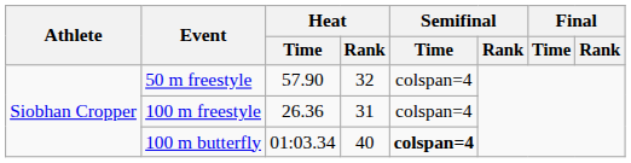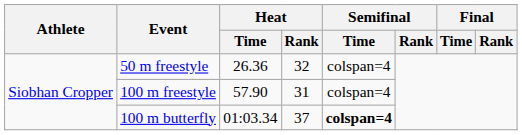 <table class=wikitable style=font-size:90%;text-align:center>
 <tr>
 <th rowspan=2>Athlete</th>
 <th rowspan=2>Event</th>
 <th colspan=2>Heat</th>
 <th colspan=2>Semifinal</th>
 <th colspan=2>Final</th>
 </tr>
 <tr style=font-size:95%>
 <th>Time</th>
 <th>Rank</th>
 <th>Time</th>
 <th>Rank</th>
 <th>Time</th>
 <th>Rank</th>
 </tr>
 <tr>
 <td align=left rowspan=3><a href='#'>Siobhan Cropper</a></td>
 <td align=left><a href='#'>50 m freestyle</a></td>
-<td>57.90</td>
+<td>26.36</td>
 <td>32</td>
 <td>colspan=4 </td>
 </tr>
 <tr>
 <td align=left><a href='#'>100 m freestyle</a></td>
-<td>26.36</td>
+<td>57.90</td>
 <td>31</td>
 <td>colspan=4 </td>
 </tr>
 <tr>
 <td align=left><a href='#'>100 m butterfly</a></td>
 <td>01:03.34</td>
-<td>40</td>
+<td>37</td>
 <td><strong>colspan=4 </strong></td>
 </tr>
 </table>
